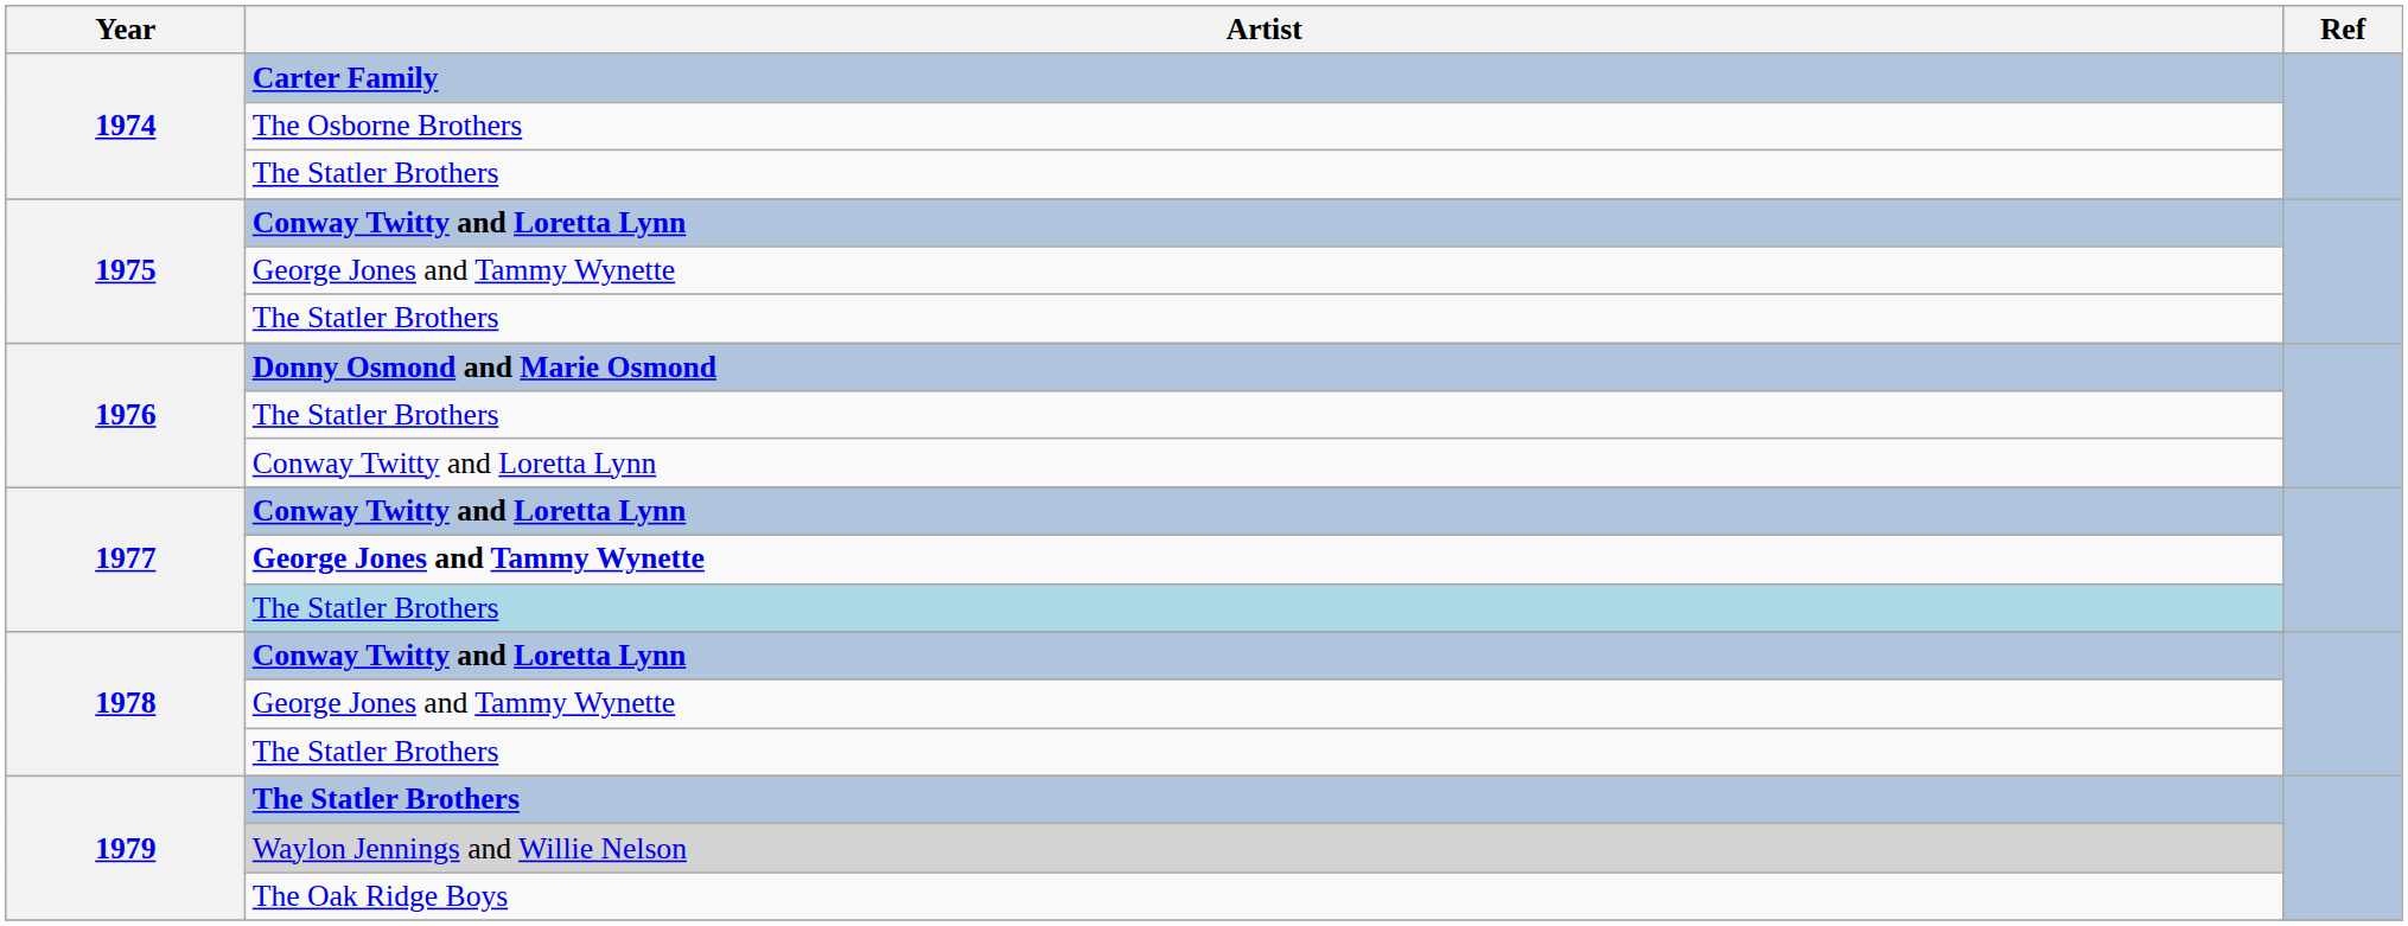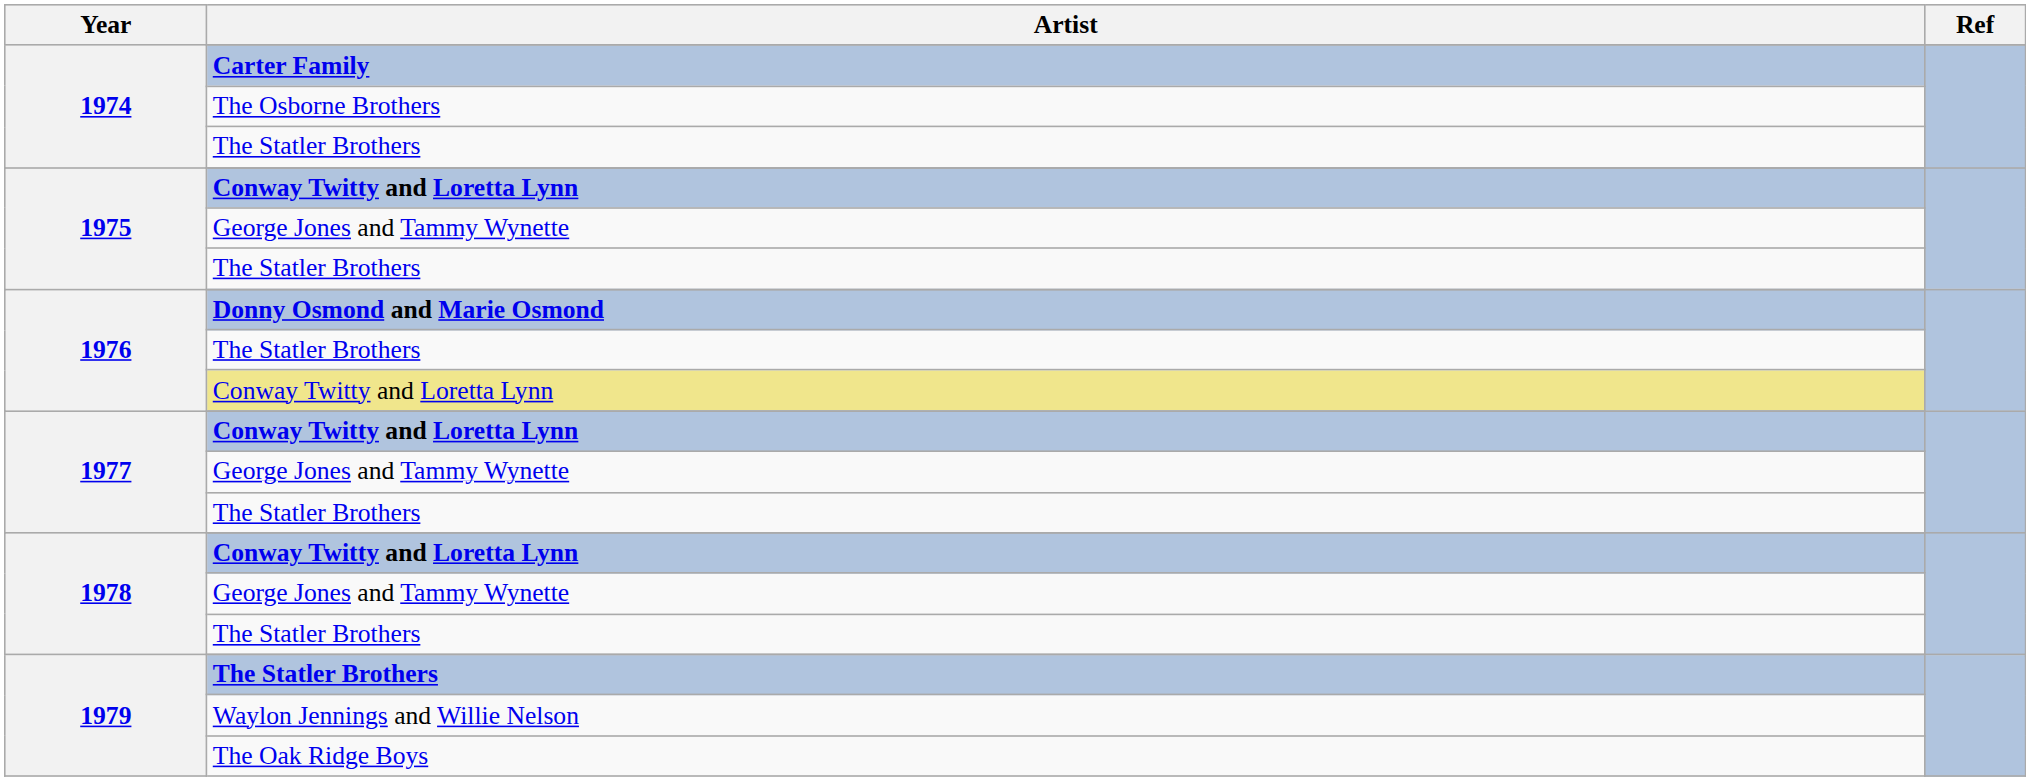 <table class="wikitable" width="100%">
 <tr>
 <th width="10%">Year</th>
 <th width="85%">Artist</th>
 <th width="5%">Ref</th>
 </tr>
 <tr>
 <th rowspan="4" align="center"><a href='#'>1974<br></a></th>
 </tr>
 <tr style="background:#B0C4DE">
 <td><strong><a href='#'>Carter Family</a></strong></td>
 <td rowspan="4" align="center"></td>
 </tr>
 <tr>
 <td><a href='#'>The Osborne Brothers</a></td>
 </tr>
 <tr>
 <td><a href='#'>The Statler Brothers</a></td>
 </tr>
 <tr>
 <th rowspan="4" align="center"><a href='#'>1975<br></a></th>
 </tr>
 <tr style="background:#B0C4DE">
 <td><strong><a href='#'>Conway Twitty</a> and <a href='#'>Loretta Lynn</a></strong></td>
 <td rowspan="4" align="center"></td>
 </tr>
 <tr>
 <td><a href='#'>George Jones</a> and <a href='#'>Tammy Wynette</a></td>
 </tr>
 <tr>
 <td><a href='#'>The Statler Brothers</a></td>
 </tr>
 <tr>
 <th rowspan="4" align="center"><a href='#'>1976<br></a></th>
 </tr>
 <tr style="background:#B0C4DE">
 <td><strong><a href='#'>Donny Osmond</a> and <a href='#'>Marie Osmond</a></strong></td>
 <td rowspan="4" align="center"></td>
 </tr>
 <tr>
 <td><a href='#'>The Statler Brothers</a></td>
 </tr>
 <tr>
-<td><a href='#'>Conway Twitty</a> and <a href='#'>Loretta Lynn</a></td>
+<td style="background: khaki;"><a href='#'>Conway Twitty</a> and <a href='#'>Loretta Lynn</a></td>
 </tr>
 <tr>
 <th rowspan="4" align="center"><a href='#'>1977<br></a></th>
 </tr>
 <tr style="background:#B0C4DE">
 <td><strong><a href='#'>Conway Twitty</a> and <a href='#'>Loretta Lynn</a></strong></td>
 <td rowspan="4" align="center"></td>
 </tr>
 <tr>
-<td><strong><a href='#'>George Jones</a> and <a href='#'>Tammy Wynette</a></strong></td>
+<td><a href='#'>George Jones</a> and <a href='#'>Tammy Wynette</a></td>
 </tr>
 <tr>
-<td style="background: lightblue;"><a href='#'>The Statler Brothers</a></td>
+<td><a href='#'>The Statler Brothers</a></td>
 </tr>
 <tr>
 <th rowspan="4" align="center"><a href='#'>1978<br></a></th>
 </tr>
 <tr style="background:#B0C4DE">
 <td><strong><a href='#'>Conway Twitty</a> and <a href='#'>Loretta Lynn</a></strong></td>
 <td rowspan="4" align="center"></td>
 </tr>
 <tr>
 <td><a href='#'>George Jones</a> and <a href='#'>Tammy Wynette</a></td>
 </tr>
 <tr>
 <td><a href='#'>The Statler Brothers</a></td>
 </tr>
 <tr>
 <th rowspan="4" align="center"><a href='#'>1979<br></a></th>
 </tr>
 <tr style="background:#B0C4DE">
 <td><strong><a href='#'>The Statler Brothers</a></strong></td>
 <td rowspan="4" align="center"></td>
 </tr>
 <tr>
-<td style="background: lightgrey;"><a href='#'>Waylon Jennings</a> and <a href='#'>Willie Nelson</a></td>
+<td><a href='#'>Waylon Jennings</a> and <a href='#'>Willie Nelson</a></td>
 </tr>
 <tr>
 <td><a href='#'>The Oak Ridge Boys</a></td>
 </tr>
 </table>
